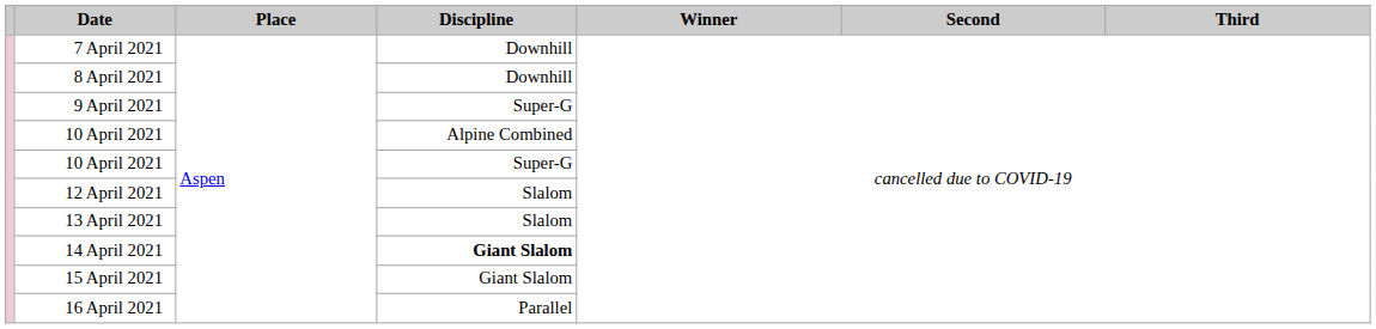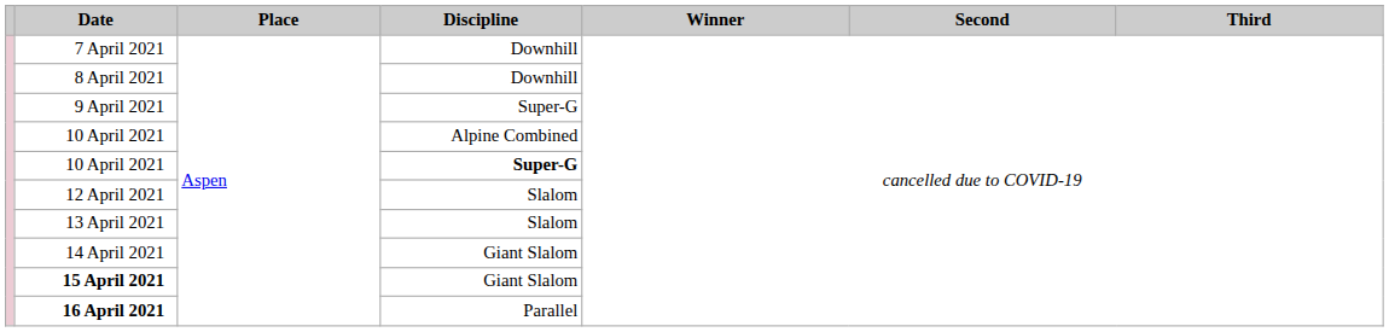 <table class="wikitable plainrowheaders" style="background:#fff; font-size:86%; line-height:16px; border:grey solid 1px; border-collapse:collapse;">
 <tr style="background:#ccc; text-align:center;">
 <th scope="col" style="background:#ccc; width=30 px;"></th>
 <th scope="col" style="background:#ccc; width:120px;">Date</th>
 <th scope="col" style="background:#ccc; width:150px;">Place</th>
 <th scope="col" style="background:#ccc; width:150px;">Discipline</th>
 <th scope="col" style="background:#ccc; width:200px;">Winner</th>
 <th scope="col" style="background:#ccc; width:200px;">Second</th>
 <th scope="col" style="background:#ccc; width:200px;">Third</th>
 </tr>
 <tr>
 <td rowspan=10 bgcolor="EDCCD5"></td>
 <td align=right>7 April 2021  </td>
 <td rowspan=10> <a href='#'>Aspen</a></td>
 <td align=right>Downhill</td>
 <td rowspan=20 colspan=3 align=center><em>cancelled due to COVID-19</em></td>
 </tr>
 <tr>
 <td align=right>8 April 2021  </td>
 <td align=right>Downhill</td>
 </tr>
 <tr>
 <td align=right>9 April 2021  </td>
 <td align=right>Super-G</td>
 </tr>
 <tr>
 <td align=right>10 April 2021  </td>
 <td align=right>Alpine Combined</td>
 </tr>
 <tr>
 <td align=right>10 April 2021  </td>
-<td align=right>Super-G</td>
+<td align=right><strong>Super-G</strong></td>
 </tr>
 <tr>
 <td align=right>12 April 2021  </td>
 <td align=right>Slalom</td>
 </tr>
 <tr>
 <td align=right>13 April 2021  </td>
 <td align=right>Slalom</td>
 </tr>
 <tr>
 <td align=right>14 April 2021  </td>
-<td align=right><strong>Giant Slalom</strong></td>
-</tr>
-<tr>
-<td align=right>15 April 2021  </td>
 <td align=right>Giant Slalom</td>
 </tr>
 <tr>
-<td align=right>16 April 2021  </td>
+<td align=right><strong>15 April 2021  </strong></td>
+<td align=right>Giant Slalom</td>
+</tr>
+<tr>
+<td align=right><strong>16 April 2021  </strong></td>
 <td align=right>Parallel</td>
 </tr>
 </table>
